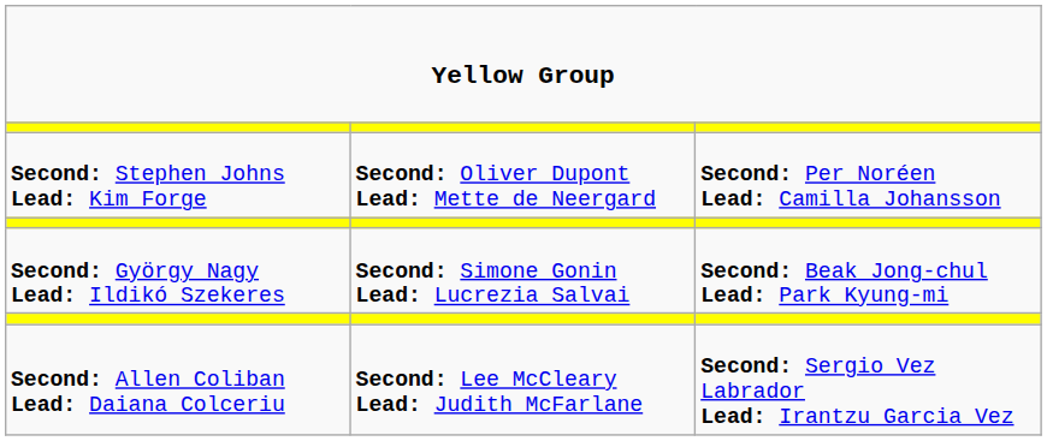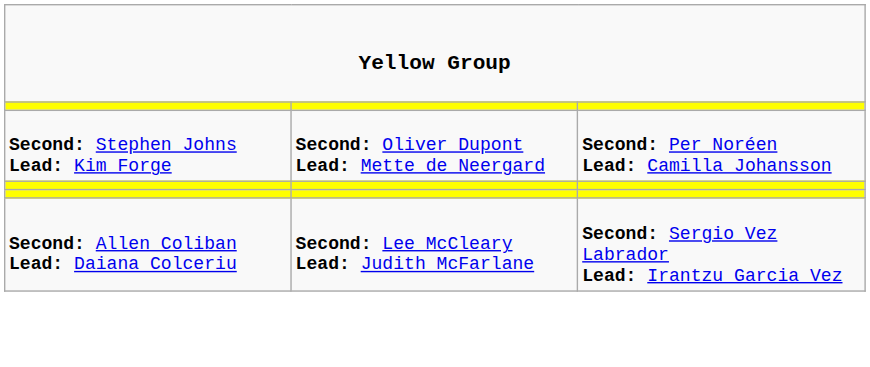 <table class="wikitable">
 <tr>
 <td align=center colspan="3"><br><h3>Yellow Group</h3></td>
 </tr>
 <tr>
 <th style="background: yellow;" width="200"></th>
 <th style="background: yellow;" width="200"></th>
 <th style="background: yellow;" width="200"></th>
 </tr>
 <tr>
 <td><br><strong>Second:</strong> <a href='#'>Stephen Johns</a><br> <strong>Lead:</strong> <a href='#'>Kim Forge</a></td>
 <td><br><strong>Second:</strong> <a href='#'>Oliver Dupont</a><br> <strong>Lead:</strong> <a href='#'>Mette de Neergard</a></td>
 <td><br><strong>Second:</strong> <a href='#'>Per Noréen</a><br> <strong>Lead:</strong> <a href='#'>Camilla Johansson</a></td>
 </tr>
 <tr>
 <th style="background: yellow;" width="200"></th>
 <th style="background: yellow;" width="200"></th>
 <th style="background: yellow;" width="200"></th>
 </tr>
 <tr>
-<td><br><strong>Second:</strong> <a href='#'>György Nagy</a><br> <strong>Lead:</strong> <a href='#'>Ildikó Szekeres</a></td>
-<td><br><strong>Second:</strong> <a href='#'>Simone Gonin</a><br> <strong>Lead:</strong> <a href='#'>Lucrezia Salvai</a></td>
-<td><br><strong>Second:</strong> <a href='#'>Beak Jong-chul</a><br> <strong>Lead:</strong> <a href='#'>Park Kyung-mi</a></td>
-</tr>
-<tr>
 <th style="background: yellow;" width="200"></th>
 <th style="background: yellow;" width="200"></th>
 <th style="background: yellow;" width="200"></th>
 </tr>
 <tr>
 <td><br><strong>Second:</strong> <a href='#'>Allen Coliban</a><br> <strong>Lead:</strong> <a href='#'>Daiana Colceriu</a></td>
 <td><br><strong>Second:</strong> <a href='#'>Lee McCleary</a><br> <strong>Lead:</strong> <a href='#'>Judith McFarlane</a></td>
 <td><br><strong>Second:</strong> <a href='#'>Sergio Vez Labrador</a><br> <strong>Lead:</strong> <a href='#'>Irantzu Garcia Vez</a></td>
 </tr>
 </table>
